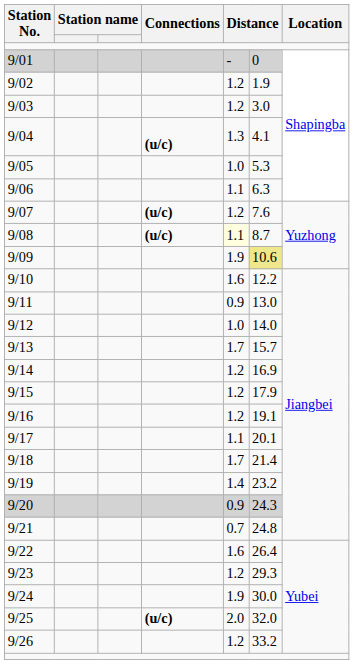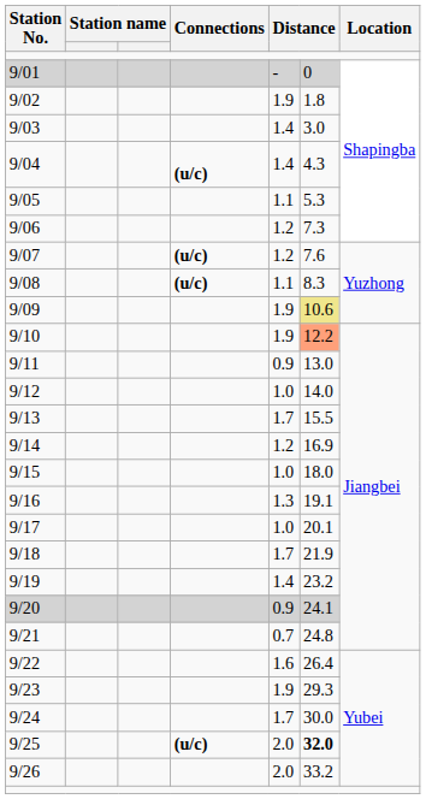 <table class="wikitable">
 <tr>
 <th rowspan="2">Station<br>No.</th>
 <th colspan="2">Station name</th>
 <th rowspan="2">Connections</th>
 <th colspan="2" rowspan="2">Distance<br></th>
 <th rowspan="2">Location</th>
 </tr>
 <tr>
 <th></th>
 <th></th>
 </tr>
 <tr style="background:#">
 <td colspan = "10"></td>
 </tr>
 <tr bgcolor="lightgrey">
 <td>9/01</td>
 <td><em></em></td>
 <td></td>
 <td></td>
 <td>-</td>
 <td>0</td>
 <td bgcolor="white" rowspan="6"><a href='#'>Shapingba</a></td>
 </tr>
 <tr>
 <td>9/02</td>
 <td></td>
 <td></td>
 <td></td>
-<td>1.2</td>
 <td>1.9</td>
+<td>1.8</td>
 </tr>
 <tr>
 <td>9/03</td>
 <td></td>
 <td></td>
 <td></td>
-<td>1.2</td>
+<td>1.4</td>
 <td>3.0</td>
 </tr>
 <tr>
 <td>9/04</td>
 <td></td>
 <td></td>
 <td>  <br> <strong>(u/c)</strong></td>
-<td>1.3</td>
-<td>4.1</td>
+<td>1.4</td>
+<td>4.3</td>
 </tr>
 <tr>
 <td>9/05</td>
 <td></td>
 <td></td>
 <td></td>
-<td>1.0</td>
+<td>1.1</td>
 <td>5.3</td>
 </tr>
 <tr>
 <td>9/06</td>
 <td></td>
 <td></td>
 <td></td>
-<td>1.1</td>
-<td>6.3</td>
+<td>1.2</td>
+<td>7.3</td>
 </tr>
 <tr>
 <td>9/07</td>
 <td></td>
 <td></td>
 <td> <strong>(u/c)</strong></td>
 <td>1.2</td>
 <td>7.6</td>
 <td rowspan="3"><a href='#'>Yuzhong</a></td>
 </tr>
 <tr>
 <td>9/08</td>
 <td></td>
 <td></td>
 <td> <strong>(u/c)</strong></td>
-<td style="background: lightyellow;">1.1</td>
-<td>8.7</td>
+<td>1.1</td>
+<td>8.3</td>
 </tr>
 <tr>
 <td>9/09</td>
 <td></td>
 <td></td>
 <td></td>
 <td>1.9</td>
 <td style="background: khaki;">10.6</td>
 </tr>
 <tr>
 <td>9/10</td>
 <td></td>
 <td></td>
 <td></td>
-<td>1.6</td>
-<td>12.2</td>
+<td>1.9</td>
+<td style="background: lightsalmon;">12.2</td>
 <td rowspan="12"><a href='#'>Jiangbei</a></td>
 </tr>
 <tr>
 <td>9/11</td>
 <td></td>
 <td></td>
 <td></td>
 <td>0.9</td>
 <td>13.0</td>
 </tr>
 <tr>
 <td>9/12</td>
 <td></td>
 <td></td>
 <td> </td>
 <td>1.0</td>
 <td>14.0</td>
 </tr>
 <tr>
 <td>9/13</td>
 <td></td>
 <td></td>
 <td></td>
 <td>1.7</td>
-<td>15.7</td>
+<td>15.5</td>
 </tr>
 <tr>
 <td>9/14</td>
 <td></td>
 <td></td>
 <td></td>
 <td>1.2</td>
 <td>16.9</td>
 </tr>
 <tr>
 <td>9/15</td>
 <td></td>
 <td></td>
 <td></td>
-<td>1.2</td>
-<td>17.9</td>
+<td>1.0</td>
+<td>18.0</td>
 </tr>
 <tr>
 <td>9/16</td>
 <td></td>
 <td></td>
 <td> </td>
-<td>1.2</td>
+<td>1.3</td>
 <td>19.1</td>
 </tr>
 <tr>
 <td>9/17</td>
 <td></td>
 <td></td>
 <td></td>
-<td>1.1</td>
+<td>1.0</td>
 <td>20.1</td>
 </tr>
 <tr>
 <td>9/18</td>
 <td></td>
 <td></td>
 <td></td>
 <td>1.7</td>
-<td>21.4</td>
+<td>21.9</td>
 </tr>
 <tr>
 <td>9/19</td>
 <td></td>
 <td></td>
 <td></td>
 <td>1.4</td>
 <td>23.2</td>
 </tr>
 <tr bgcolor="lightgrey">
 <td>9/20</td>
 <td><em></em></td>
 <td></td>
 <td></td>
 <td>0.9</td>
-<td>24.3</td>
+<td>24.1</td>
 </tr>
 <tr>
 <td>9/21</td>
 <td></td>
 <td></td>
 <td></td>
 <td>0.7</td>
 <td>24.8</td>
 </tr>
 <tr>
 <td>9/22</td>
 <td></td>
 <td></td>
 <td></td>
 <td>1.6</td>
 <td>26.4</td>
 <td rowspan="5"><a href='#'>Yubei</a></td>
 </tr>
 <tr>
 <td>9/23</td>
 <td></td>
 <td></td>
 <td></td>
-<td>1.2</td>
+<td>1.9</td>
 <td>29.3</td>
 </tr>
 <tr>
 <td>9/24</td>
 <td></td>
 <td></td>
 <td></td>
-<td>1.9</td>
+<td>1.7</td>
 <td>30.0</td>
 </tr>
 <tr>
 <td>9/25</td>
 <td></td>
 <td></td>
 <td> <strong>(u/c)</strong></td>
 <td>2.0</td>
-<td>32.0</td>
+<td><strong>32.0</strong></td>
 </tr>
 <tr>
 <td>9/26</td>
 <td></td>
 <td></td>
 <td></td>
-<td>1.2</td>
+<td>2.0</td>
 <td>33.2</td>
 </tr>
 <tr style="background:#">
 <td colspan = "10"></td>
 </tr>
 </table>
